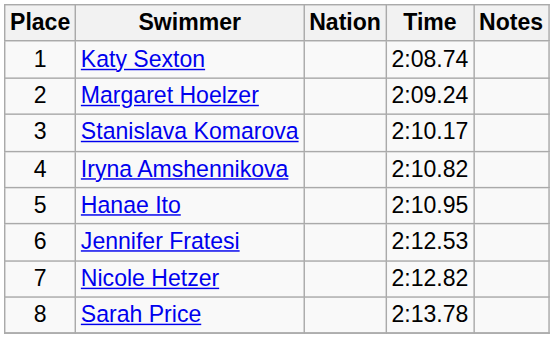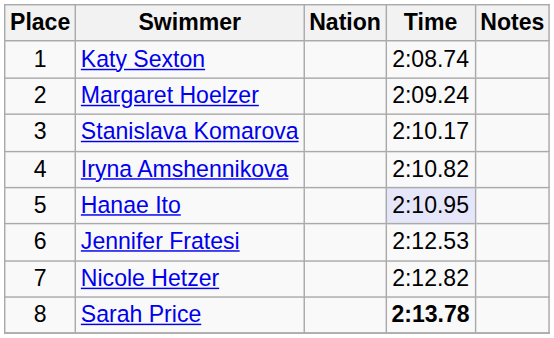 <table class="wikitable sortable" style="text-align:center">
 <tr>
 <th>Place</th>
 <th>Swimmer</th>
 <th>Nation</th>
 <th>Time</th>
 <th>Notes</th>
 </tr>
 <tr>
 <td>1</td>
 <td align=left><a href='#'>Katy Sexton</a></td>
 <td align=left></td>
 <td>2:08.74</td>
 <td></td>
 </tr>
 <tr>
 <td>2</td>
 <td align=left><a href='#'>Margaret Hoelzer</a></td>
 <td align=left></td>
 <td>2:09.24</td>
 <td></td>
 </tr>
 <tr>
 <td>3</td>
 <td align="left"><a href='#'>Stanislava Komarova</a></td>
 <td align=left></td>
 <td>2:10.17</td>
 <td></td>
 </tr>
 <tr>
 <td>4</td>
 <td align=left><a href='#'>Iryna Amshennikova</a></td>
 <td align=left></td>
 <td>2:10.82</td>
 <td></td>
 </tr>
 <tr>
 <td>5</td>
 <td align=left><a href='#'>Hanae Ito</a></td>
 <td align=left></td>
-<td>2:10.95</td>
+<td style="background: lavender;">2:10.95</td>
 <td></td>
 </tr>
 <tr>
 <td>6</td>
 <td align=left><a href='#'>Jennifer Fratesi</a></td>
 <td align=left></td>
 <td>2:12.53</td>
 <td></td>
 </tr>
 <tr>
 <td>7</td>
 <td align=left><a href='#'>Nicole Hetzer</a></td>
 <td align=left></td>
 <td>2:12.82</td>
 <td></td>
 </tr>
 <tr>
 <td>8</td>
 <td align=left><a href='#'>Sarah Price</a></td>
 <td align=left></td>
-<td>2:13.78</td>
+<td><strong>2:13.78</strong></td>
 <td></td>
 </tr>
 <tr>
 </tr>
 </table>
